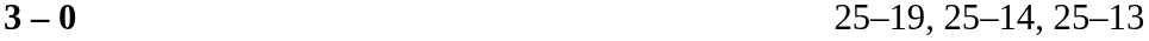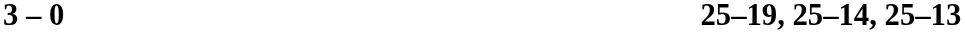 <table width=100% cellspacing=1>
 <tr>
 <th width=20%></th>
 <th width=12%></th>
 <th width=20%></th>
 <th width=33%></th>
 <td></td>
 </tr>
 <tr style=font-size:95%>
 <td align=right><strong></strong></td>
 <td align=center><strong>3 – 0</strong></td>
 <td></td>
-<td>25–19, 25–14, 25–13</td>
+<td><strong>25–19, 25–14, 25–13</strong></td>
 </tr>
 </table>
